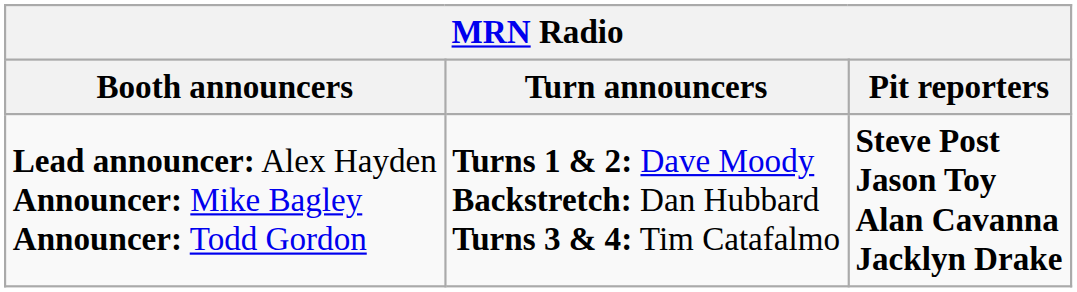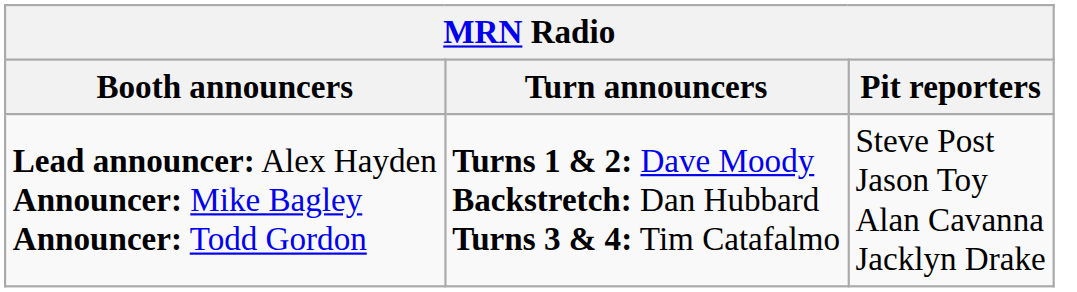 <table class="wikitable" style="font-size: 95%">
 <tr>
 <th colspan="3"><a href='#'>MRN</a> Radio</th>
 </tr>
 <tr>
 <th>Booth announcers</th>
 <th>Turn announcers</th>
 <th>Pit reporters</th>
 </tr>
 <tr>
 <td><strong>Lead announcer:</strong> Alex Hayden<br><strong>Announcer:</strong> <a href='#'>Mike Bagley</a><br><strong>Announcer:</strong> <a href='#'>Todd Gordon</a></td>
 <td><strong>Turns 1 & 2:</strong> <a href='#'>Dave Moody</a><br><strong>Backstretch:</strong> Dan Hubbard<br><strong>Turns 3 & 4:</strong> Tim Catafalmo</td>
-<td><strong>Steve Post<br>Jason Toy<br>Alan Cavanna<br>Jacklyn Drake</strong></td>
+<td>Steve Post<br>Jason Toy<br>Alan Cavanna<br>Jacklyn Drake</td>
 </tr>
 </table>
